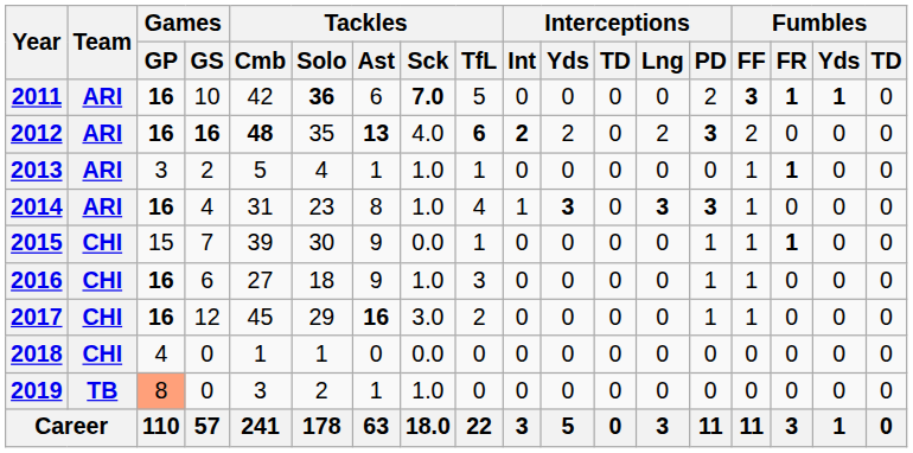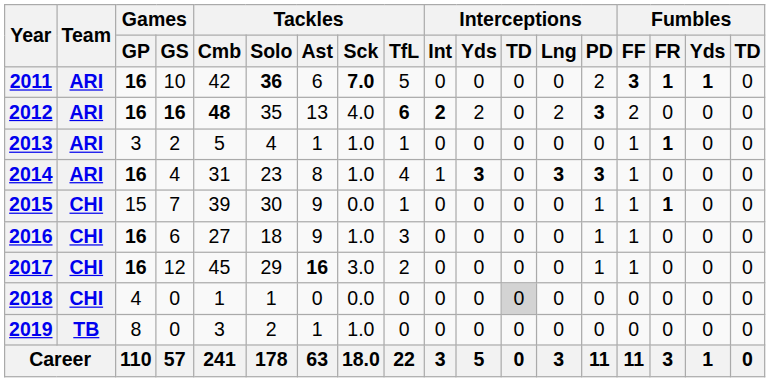 <table class="wikitable" style="text-align:center;">
 <tr>
 <th rowspan="2">Year</th>
 <th rowspan="2">Team</th>
 <th colspan="2">Games</th>
 <th colspan="5">Tackles</th>
 <th colspan="5">Interceptions</th>
 <th colspan="4">Fumbles</th>
 </tr>
 <tr>
 <th>GP</th>
 <th>GS</th>
 <th>Cmb</th>
 <th>Solo</th>
 <th>Ast</th>
 <th>Sck</th>
 <th>TfL</th>
 <th>Int</th>
 <th>Yds</th>
 <th>TD</th>
 <th>Lng</th>
 <th>PD</th>
 <th>FF</th>
 <th>FR</th>
 <th>Yds</th>
 <th>TD</th>
 </tr>
 <tr>
 <th><a href='#'>2011</a></th>
 <th><a href='#'>ARI</a></th>
 <td><strong>16</strong></td>
 <td>10</td>
 <td>42</td>
 <td><strong>36</strong></td>
 <td>6</td>
 <td><strong>7.0</strong></td>
 <td>5</td>
 <td>0</td>
 <td>0</td>
 <td>0</td>
 <td>0</td>
 <td>2</td>
 <td><strong>3</strong></td>
 <td><strong>1</strong></td>
 <td><strong>1</strong></td>
 <td>0</td>
 </tr>
 <tr>
 <th><a href='#'>2012</a></th>
 <th><a href='#'>ARI</a></th>
 <td><strong>16</strong></td>
 <td><strong>16</strong></td>
 <td><strong>48</strong></td>
 <td>35</td>
-<td><strong>13</strong></td>
+<td>13</td>
 <td>4.0</td>
 <td><strong>6</strong></td>
 <td><strong>2</strong></td>
 <td>2</td>
 <td>0</td>
 <td>2</td>
 <td><strong>3</strong></td>
 <td>2</td>
 <td>0</td>
 <td>0</td>
 <td>0</td>
 </tr>
 <tr>
 <th><a href='#'>2013</a></th>
 <th><a href='#'>ARI</a></th>
 <td>3</td>
 <td>2</td>
 <td>5</td>
 <td>4</td>
 <td>1</td>
 <td>1.0</td>
 <td>1</td>
 <td>0</td>
 <td>0</td>
 <td>0</td>
 <td>0</td>
 <td>0</td>
 <td>1</td>
 <td><strong>1</strong></td>
 <td>0</td>
 <td>0</td>
 </tr>
 <tr>
 <th><a href='#'>2014</a></th>
 <th><a href='#'>ARI</a></th>
 <td><strong>16</strong></td>
 <td>4</td>
 <td>31</td>
 <td>23</td>
 <td>8</td>
 <td>1.0</td>
 <td>4</td>
 <td>1</td>
 <td><strong>3</strong></td>
 <td>0</td>
 <td><strong>3</strong></td>
 <td><strong>3</strong></td>
 <td>1</td>
 <td>0</td>
 <td>0</td>
 <td>0</td>
 </tr>
 <tr>
 <th><a href='#'>2015</a></th>
 <th><a href='#'>CHI</a></th>
 <td>15</td>
 <td>7</td>
 <td>39</td>
 <td>30</td>
 <td>9</td>
 <td>0.0</td>
 <td>1</td>
 <td>0</td>
 <td>0</td>
 <td>0</td>
 <td>0</td>
 <td>1</td>
 <td>1</td>
 <td><strong>1</strong></td>
 <td>0</td>
 <td>0</td>
 </tr>
 <tr>
 <th><a href='#'>2016</a></th>
 <th><a href='#'>CHI</a></th>
 <td><strong>16</strong></td>
 <td>6</td>
 <td>27</td>
 <td>18</td>
 <td>9</td>
 <td>1.0</td>
 <td>3</td>
 <td>0</td>
 <td>0</td>
 <td>0</td>
 <td>0</td>
 <td>1</td>
 <td>1</td>
 <td>0</td>
 <td>0</td>
 <td>0</td>
 </tr>
 <tr>
 <th><a href='#'>2017</a></th>
 <th><a href='#'>CHI</a></th>
 <td><strong>16</strong></td>
 <td>12</td>
 <td>45</td>
 <td>29</td>
 <td><strong>16</strong></td>
 <td>3.0</td>
 <td>2</td>
 <td>0</td>
 <td>0</td>
 <td>0</td>
 <td>0</td>
 <td>1</td>
 <td>1</td>
 <td>0</td>
 <td>0</td>
 <td>0</td>
 </tr>
 <tr>
 <th><a href='#'>2018</a></th>
 <th><a href='#'>CHI</a></th>
 <td>4</td>
 <td>0</td>
 <td>1</td>
 <td>1</td>
 <td>0</td>
 <td>0.0</td>
 <td>0</td>
 <td>0</td>
 <td>0</td>
-<td>0</td>
+<td style="background: lightgrey;">0</td>
 <td>0</td>
 <td>0</td>
 <td>0</td>
 <td>0</td>
 <td>0</td>
 <td>0</td>
 </tr>
 <tr>
 <th><a href='#'>2019</a></th>
 <th><a href='#'>TB</a></th>
-<td style="background: lightsalmon;">8</td>
+<td>8</td>
 <td>0</td>
 <td>3</td>
 <td>2</td>
 <td>1</td>
 <td>1.0</td>
 <td>0</td>
 <td>0</td>
 <td>0</td>
 <td>0</td>
 <td>0</td>
 <td>0</td>
 <td>0</td>
 <td>0</td>
 <td>0</td>
 <td>0</td>
 </tr>
 <tr>
 <th colspan="2">Career</th>
 <th>110</th>
 <th>57</th>
 <th>241</th>
 <th>178</th>
 <th>63</th>
 <th>18.0</th>
 <th>22</th>
 <th>3</th>
 <th>5</th>
 <th>0</th>
 <th>3</th>
 <th>11</th>
 <th>11</th>
 <th>3</th>
 <th>1</th>
 <th>0</th>
 </tr>
 </table>
